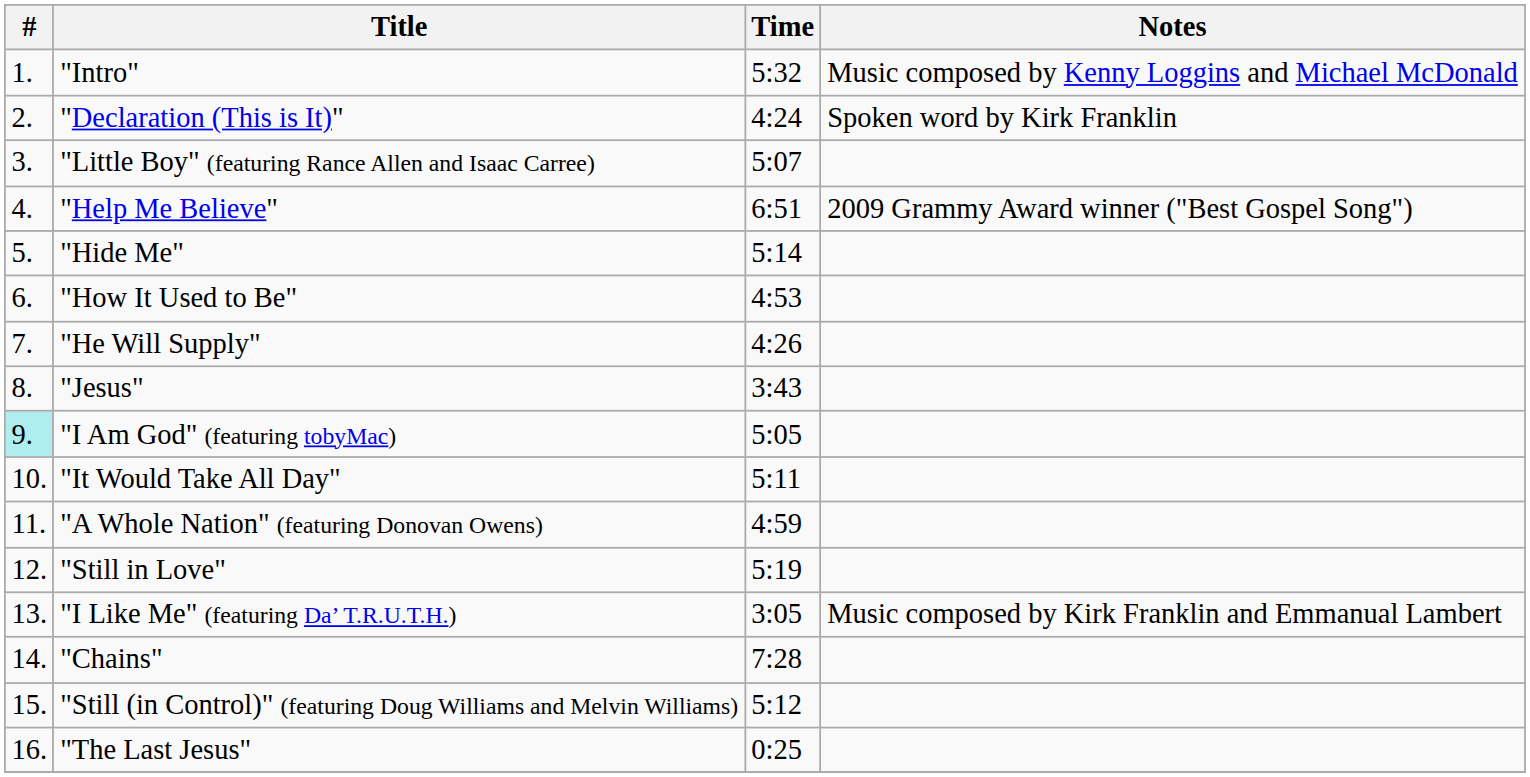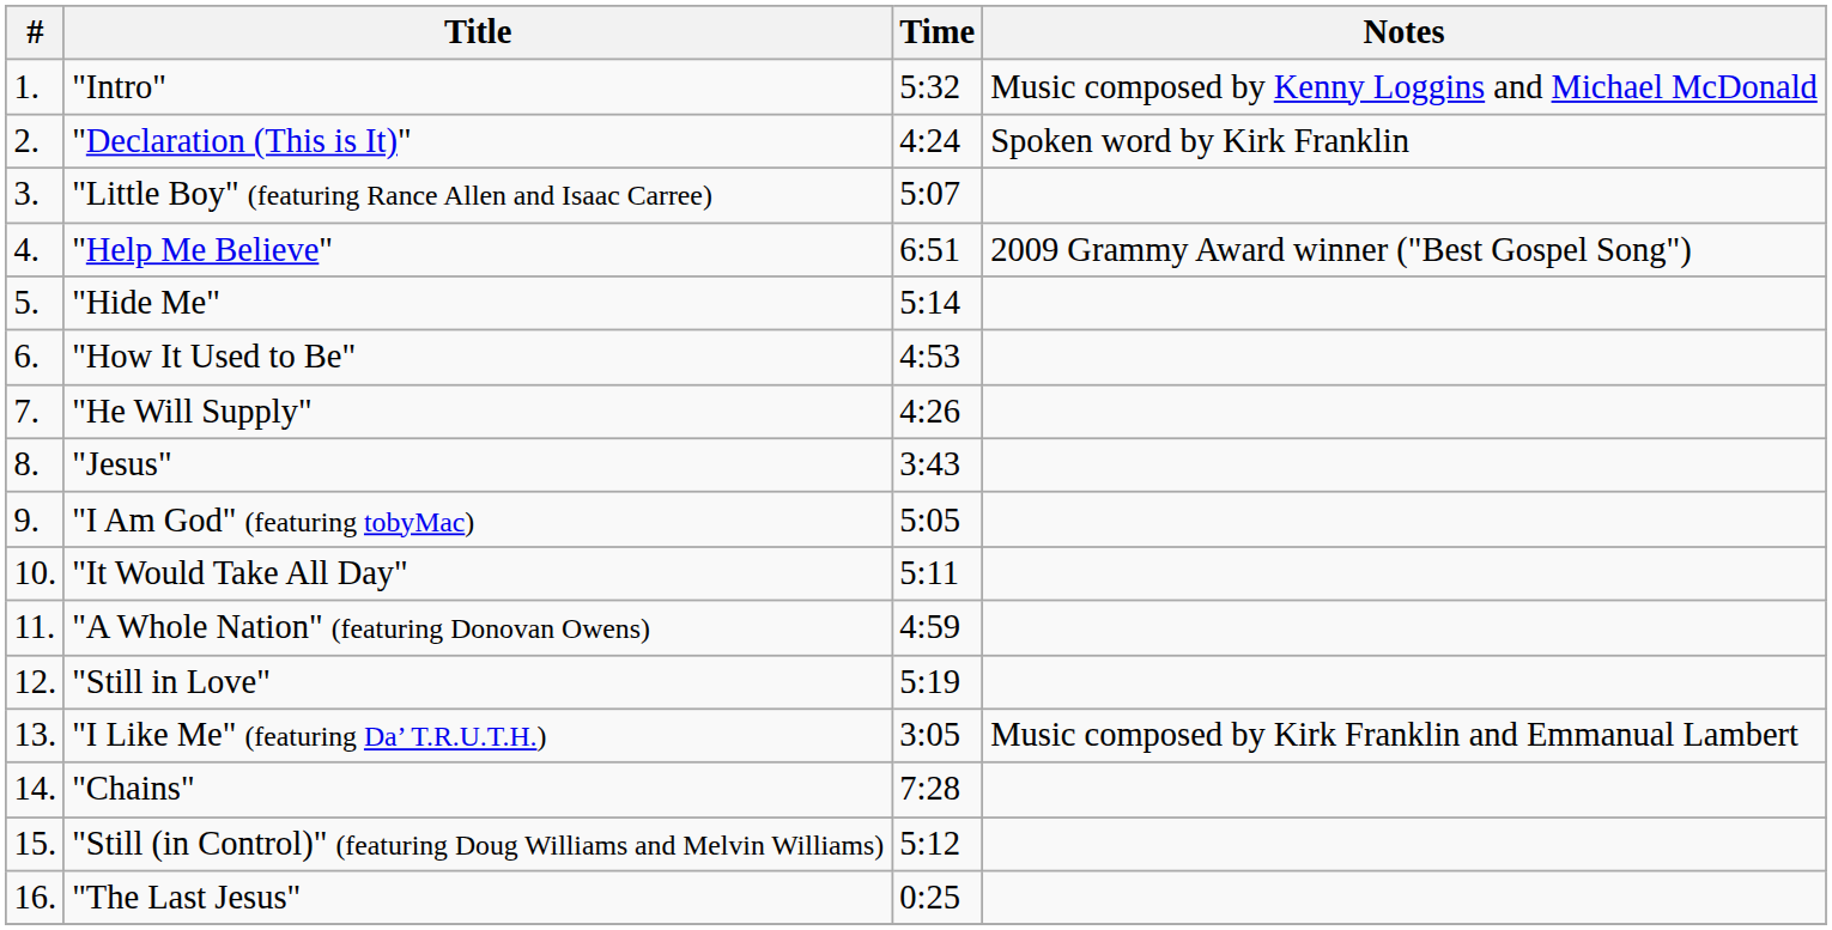 <table class="wikitable">
 <tr>
 <th>#</th>
 <th>Title</th>
 <th>Time</th>
 <th>Notes</th>
 </tr>
 <tr>
 <td>1.</td>
 <td>"Intro"</td>
 <td>5:32</td>
 <td>Music composed by <a href='#'>Kenny Loggins</a> and <a href='#'>Michael McDonald</a></td>
 </tr>
 <tr>
 <td>2.</td>
 <td>"<a href='#'>Declaration (This is It)</a>"</td>
 <td>4:24</td>
 <td>Spoken word by Kirk Franklin</td>
 </tr>
 <tr>
 <td>3.</td>
 <td>"Little Boy" <small>(featuring Rance Allen and Isaac Carree)</small></td>
 <td>5:07</td>
 <td></td>
 </tr>
 <tr>
 <td>4.</td>
 <td>"<a href='#'>Help Me Believe</a>"</td>
 <td>6:51</td>
 <td>2009 Grammy Award winner ("Best Gospel Song")</td>
 </tr>
 <tr>
 <td>5.</td>
 <td>"Hide Me"</td>
 <td>5:14</td>
 <td></td>
 </tr>
 <tr>
 <td>6.</td>
 <td>"How It Used to Be"</td>
 <td>4:53</td>
 <td></td>
 </tr>
 <tr>
 <td>7.</td>
 <td>"He Will Supply"</td>
 <td>4:26</td>
 <td></td>
 </tr>
 <tr>
 <td>8.</td>
 <td>"Jesus"</td>
 <td>3:43</td>
 <td></td>
 </tr>
 <tr>
-<td style="background: paleturquoise;">9.</td>
+<td>9.</td>
 <td>"I Am God" <small>(featuring <a href='#'>tobyMac</a>)</small></td>
 <td>5:05</td>
 <td></td>
 </tr>
 <tr>
 <td>10.</td>
 <td>"It Would Take All Day"</td>
 <td>5:11</td>
 <td></td>
 </tr>
 <tr>
 <td>11.</td>
 <td>"A Whole Nation" <small>(featuring Donovan Owens)</small></td>
 <td>4:59</td>
 <td></td>
 </tr>
 <tr>
 <td>12.</td>
 <td>"Still in Love"</td>
 <td>5:19</td>
 <td></td>
 </tr>
 <tr>
 <td>13.</td>
 <td>"I Like Me" <small>(featuring <a href='#'>Da’ T.R.U.T.H.</a>)</small></td>
 <td>3:05</td>
 <td>Music composed by Kirk Franklin and Emmanual Lambert</td>
 </tr>
 <tr>
 <td>14.</td>
 <td>"Chains"</td>
 <td>7:28</td>
 <td></td>
 </tr>
 <tr>
 <td>15.</td>
 <td>"Still (in Control)" <small>(featuring Doug Williams and Melvin Williams)</small></td>
 <td>5:12</td>
 <td></td>
 </tr>
 <tr>
 <td>16.</td>
 <td>"The Last Jesus"</td>
 <td>0:25</td>
 <td></td>
 </tr>
 <tr>
 </tr>
 </table>
